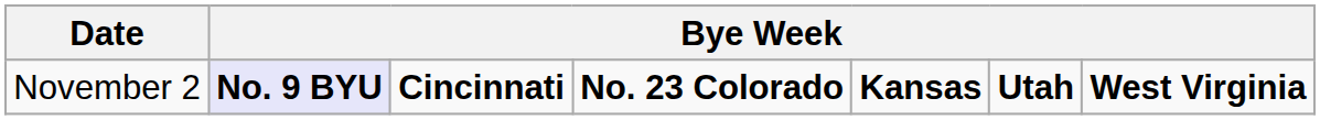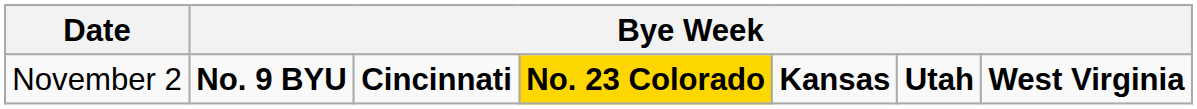 <table class="wikitable" style="font-size:95%;">
 <tr>
 <th>Date</th>
 <th colspan="6">Bye Week</th>
 </tr>
 <tr>
 <td>November 2</td>
-<td style="background: lavender;"><strong>No. 9 BYU</strong></td>
+<td><strong>No. 9 BYU</strong></td>
 <td><strong>Cincinnati</strong></td>
-<td><strong>No. 23 Colorado</strong></td>
+<td style="background: gold;"><strong>No. 23 Colorado</strong></td>
 <td><strong>Kansas</strong></td>
 <td><strong>Utah</strong></td>
 <td><strong>West Virginia</strong></td>
 </tr>
 </table>
